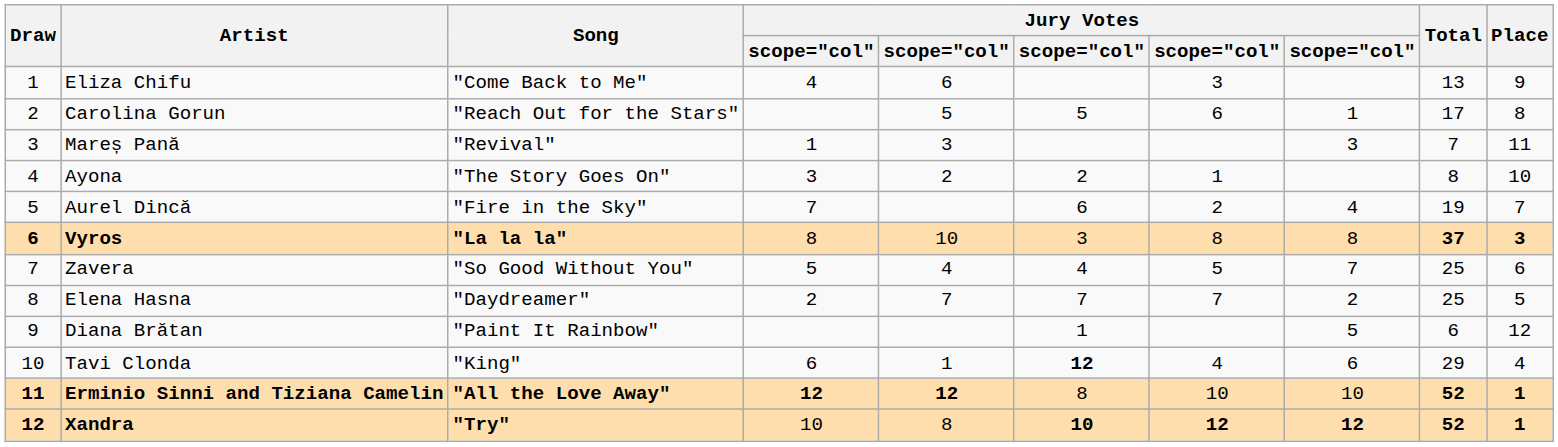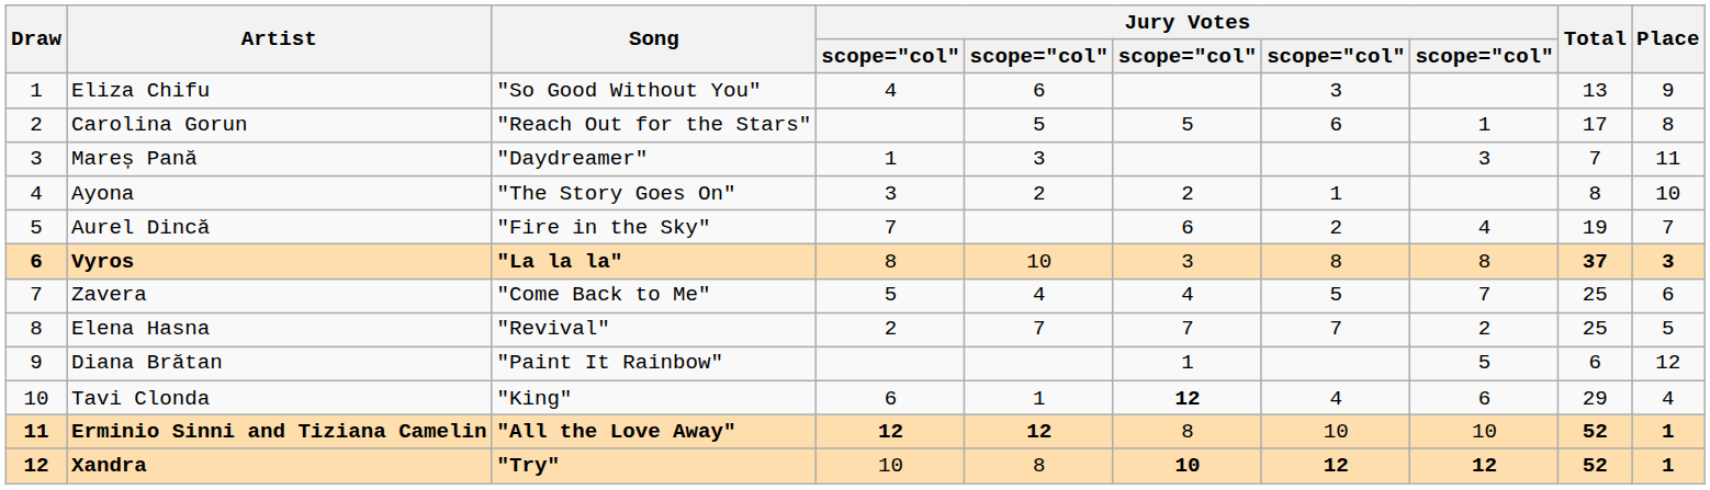 <table class="sortable wikitable" style="margin: 1em auto 1em auto; text-align:center;">
 <tr>
 <th rowspan="2">Draw</th>
 <th rowspan="2">Artist</th>
 <th rowspan="2">Song</th>
 <th colspan="5">Jury Votes</th>
 <th rowspan="2">Total</th>
 <th rowspan="2">Place</th>
 </tr>
 <tr>
 <th>scope="col" </th>
 <th>scope="col" </th>
 <th>scope="col" </th>
 <th>scope="col" </th>
 <th>scope="col" </th>
 </tr>
 <tr>
 <td>1</td>
 <td align="left">Eliza Chifu</td>
-<td align="left">"Come Back to Me"</td>
+<td align="left">"So Good Without You"</td>
 <td>4</td>
 <td>6</td>
 <td></td>
 <td>3</td>
 <td></td>
 <td>13</td>
 <td>9</td>
 </tr>
 <tr>
 <td>2</td>
 <td align="left">Carolina Gorun</td>
 <td align="left">"Reach Out for the Stars"</td>
 <td></td>
 <td>5</td>
 <td>5</td>
 <td>6</td>
 <td>1</td>
 <td>17</td>
 <td>8</td>
 </tr>
 <tr>
 <td>3</td>
 <td align="left">Mareș Pană</td>
-<td align="left">"Revival"</td>
+<td align="left">"Daydreamer"</td>
 <td>1</td>
 <td>3</td>
 <td></td>
 <td></td>
 <td>3</td>
 <td>7</td>
 <td>11</td>
 </tr>
 <tr>
 <td>4</td>
 <td align="left">Ayona</td>
 <td align="left">"The Story Goes On"</td>
 <td>3</td>
 <td>2</td>
 <td>2</td>
 <td>1</td>
 <td></td>
 <td>8</td>
 <td>10</td>
 </tr>
 <tr>
 <td>5</td>
 <td align="left">Aurel Dincă</td>
 <td align="left">"Fire in the Sky"</td>
 <td>7</td>
 <td></td>
 <td>6</td>
 <td>2</td>
 <td>4</td>
 <td>19</td>
 <td>7</td>
 </tr>
 <tr style="background:navajowhite;">
 <td><strong>6</strong></td>
 <td align="left"><strong>Vyros</strong></td>
 <td align="left"><strong>"La la la"</strong></td>
 <td>8</td>
 <td>10</td>
 <td>3</td>
 <td>8</td>
 <td>8</td>
 <td><strong>37</strong></td>
 <td><strong>3</strong></td>
 </tr>
 <tr>
 <td>7</td>
 <td align="left">Zavera</td>
-<td align="left">"So Good Without You"</td>
+<td align="left">"Come Back to Me"</td>
 <td>5</td>
 <td>4</td>
 <td>4</td>
 <td>5</td>
 <td>7</td>
 <td>25</td>
 <td>6</td>
 </tr>
 <tr>
 <td>8</td>
 <td align="left">Elena Hasna</td>
-<td align="left">"Daydreamer"</td>
+<td align="left">"Revival"</td>
 <td>2</td>
 <td>7</td>
 <td>7</td>
 <td>7</td>
 <td>2</td>
 <td>25</td>
 <td>5</td>
 </tr>
 <tr>
 <td>9</td>
 <td align="left">Diana Brătan</td>
 <td align="left">"Paint It Rainbow"</td>
 <td></td>
 <td></td>
 <td>1</td>
 <td></td>
 <td>5</td>
 <td>6</td>
 <td>12</td>
 </tr>
 <tr>
 <td>10</td>
 <td align="left">Tavi Clonda</td>
 <td align="left">"King"</td>
 <td>6</td>
 <td>1</td>
 <td><strong>12</strong></td>
 <td>4</td>
 <td>6</td>
 <td>29</td>
 <td>4</td>
 </tr>
 <tr style="background:navajowhite;">
 <td><strong>11</strong></td>
 <td align="left"><strong>Erminio Sinni and Tiziana Camelin</strong></td>
 <td align="left"><strong>"All the Love Away"</strong></td>
 <td><strong>12</strong></td>
 <td><strong>12</strong></td>
 <td>8</td>
 <td>10</td>
 <td>10</td>
 <td><strong>52</strong></td>
 <td><strong>1</strong></td>
 </tr>
 <tr style="background:navajowhite;">
 <td><strong>12</strong></td>
 <td align="left"><strong>Xandra</strong></td>
 <td align="left"><strong>"Try"</strong></td>
 <td>10</td>
 <td>8</td>
 <td><strong>10</strong></td>
 <td><strong>12</strong></td>
 <td><strong>12</strong></td>
 <td><strong>52</strong></td>
 <td><strong>1</strong></td>
 </tr>
 </table>
